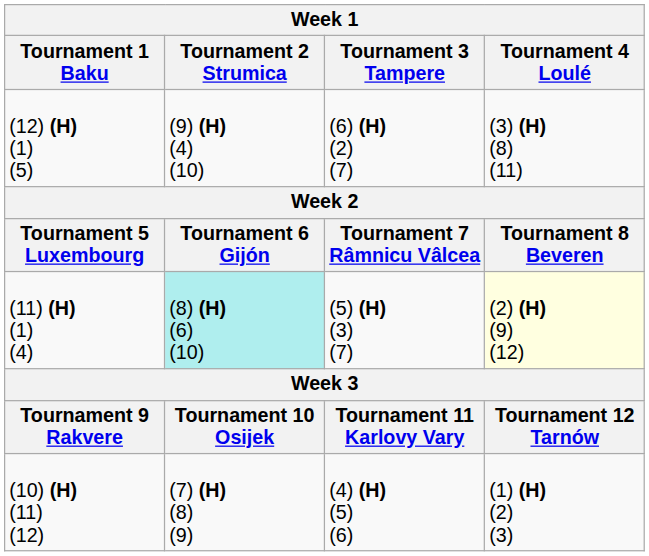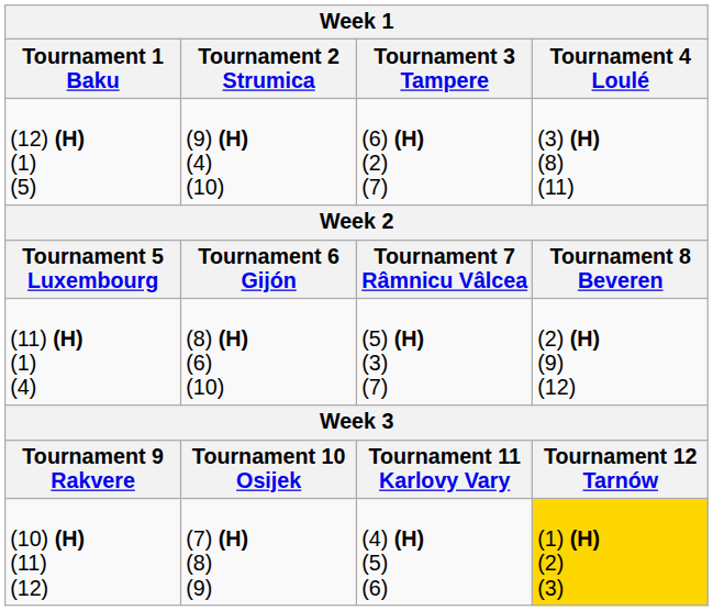 <table class="wikitable">
 <tr>
 <th colspan="4">Week 1</th>
 </tr>
 <tr>
 <th width=25%>Tournament 1<br> <a href='#'>Baku</a></th>
 <th width=25%>Tournament 2<br> <a href='#'>Strumica</a></th>
 <th width=25%>Tournament 3<br> <a href='#'>Tampere</a></th>
 <th width=25%>Tournament 4<br> <a href='#'>Loulé</a></th>
 </tr>
 <tr>
 <td><br> (12) <strong>(H)</strong><br>  (1)<br>  (5)</td>
 <td><br> (9) <strong>(H)</strong><br>  (4)<br>  (10)</td>
 <td><br> (6) <strong>(H)</strong><br>  (2)<br>  (7)</td>
 <td><br> (3) <strong>(H)</strong><br>  (8)<br>  (11)</td>
 </tr>
 <tr>
 <th colspan="4">Week 2</th>
 </tr>
 <tr>
 <th>Tournament 5<br> <a href='#'>Luxembourg</a></th>
 <th>Tournament 6<br> <a href='#'>Gijón</a></th>
 <th>Tournament 7<br> <a href='#'>Râmnicu Vâlcea</a></th>
 <th>Tournament 8<br> <a href='#'>Beveren</a></th>
 </tr>
 <tr>
 <td><br> (11) <strong>(H)</strong><br>  (1)<br>  (4)</td>
-<td style="background: paleturquoise;"><br> (8) <strong>(H)</strong><br>  (6)<br>  (10)</td>
+<td><br> (8) <strong>(H)</strong><br>  (6)<br>  (10)</td>
 <td><br> (5) <strong>(H)</strong><br>  (3)<br>  (7)</td>
-<td style="background: lightyellow;"><br> (2) <strong>(H)</strong><br>  (9)<br>  (12)</td>
+<td><br> (2) <strong>(H)</strong><br>  (9)<br>  (12)</td>
 </tr>
 <tr>
 <th colspan="4">Week 3</th>
 </tr>
 <tr>
 <th>Tournament 9<br> <a href='#'>Rakvere</a></th>
 <th>Tournament 10<br> <a href='#'>Osijek</a></th>
 <th>Tournament 11<br> <a href='#'>Karlovy Vary</a></th>
 <th>Tournament 12<br> <a href='#'>Tarnów</a></th>
 </tr>
 <tr>
 <td><br> (10) <strong>(H)</strong><br>  (11)<br>  (12)</td>
 <td><br> (7) <strong>(H)</strong><br>  (8)<br>  (9)</td>
 <td><br> (4) <strong>(H)</strong><br>  (5)<br>  (6)</td>
-<td><br> (1) <strong>(H)</strong><br>  (2)<br>  (3)</td>
+<td style="background: gold;"><br> (1) <strong>(H)</strong><br>  (2)<br>  (3)</td>
 </tr>
 </table>
